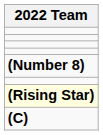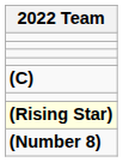 <table class="wikitable collapsible collapsed">
 <tr>
 <th>2022 Team</th>
 </tr>
 <tr>
 <td></td>
 </tr>
 <tr>
 <td></td>
 </tr>
 <tr>
 <td></td>
 </tr>
 <tr>
 <td></td>
 </tr>
 <tr>
-<td> <strong>(Number 8)</strong></td>
+<td> <strong>(C)</strong></td>
 </tr>
 <tr>
 <td></td>
 </tr>
 <tr>
 <td style="background: lightyellow;"> <strong>(Rising Star)</strong></td>
 </tr>
 <tr>
-<td> <strong>(C)</strong></td>
+<td> <strong>(Number 8)</strong></td>
 </tr>
 </table>
